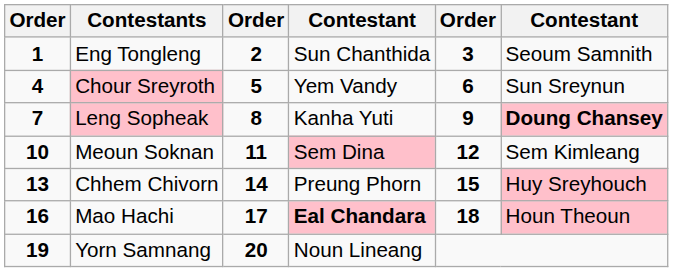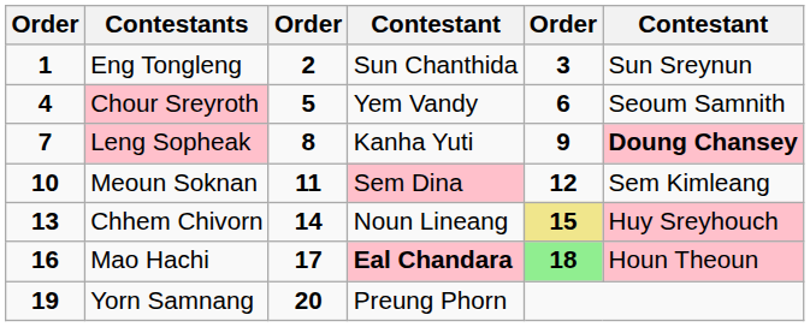 <table class="wikitable">
 <tr>
 <th>Order</th>
 <th>Contestants</th>
 <th>Order</th>
 <th>Contestant</th>
 <th>Order</th>
 <th>Contestant</th>
 </tr>
 <tr>
 <td align="center"><strong>1</strong></td>
 <td>Eng Tongleng</td>
 <td align="center"><strong>2</strong></td>
 <td>Sun Chanthida</td>
 <td align="center"><strong>3</strong></td>
-<td>Seoum Samnith</td>
+<td>Sun Sreynun</td>
 </tr>
 <tr>
 <td align="center"><strong>4</strong></td>
 <td style="background:pink">Chour Sreyroth</td>
 <td align="center"><strong>5</strong></td>
 <td>Yem Vandy</td>
 <td align="center"><strong>6</strong></td>
-<td>Sun Sreynun</td>
+<td>Seoum Samnith</td>
 </tr>
 <tr>
 <td align="center"><strong>7</strong></td>
 <td style="background:pink">Leng Sopheak</td>
 <td align="center"><strong>8</strong></td>
 <td>Kanha Yuti</td>
 <td align="center"><strong>9</strong></td>
 <td style="background:pink"><strong>Doung Chansey</strong></td>
 </tr>
 <tr>
 <td align="center"><strong>10</strong></td>
 <td>Meoun Soknan</td>
 <td align="center"><strong>11</strong></td>
 <td style="background:pink">Sem Dina</td>
 <td align="center"><strong>12</strong></td>
 <td>Sem Kimleang</td>
 </tr>
 <tr>
 <td align="center"><strong>13</strong></td>
 <td>Chhem Chivorn</td>
 <td align="center"><strong>14</strong></td>
-<td>Preung Phorn</td>
-<td align="center"><strong>15</strong></td>
+<td>Noun Lineang</td>
+<td align="center" style="background: khaki;"><strong>15</strong></td>
 <td style="background:pink">Huy Sreyhouch</td>
 </tr>
 <tr>
 <td align="center"><strong>16</strong></td>
 <td>Mao Hachi</td>
 <td align="center"><strong>17</strong></td>
 <td style="background:pink"><strong>Eal Chandara</strong></td>
-<td align="center"><strong>18</strong></td>
+<td align="center" style="background: lightgreen;"><strong>18</strong></td>
 <td style="background:pink">Houn Theoun</td>
 </tr>
 <tr>
 <td align="center"><strong>19</strong></td>
 <td>Yorn Samnang</td>
 <td align="center"><strong>20</strong></td>
-<td>Noun Lineang</td>
+<td>Preung Phorn</td>
 </tr>
 </table>
